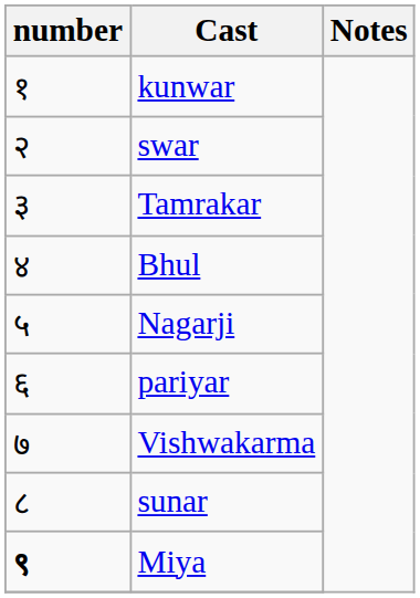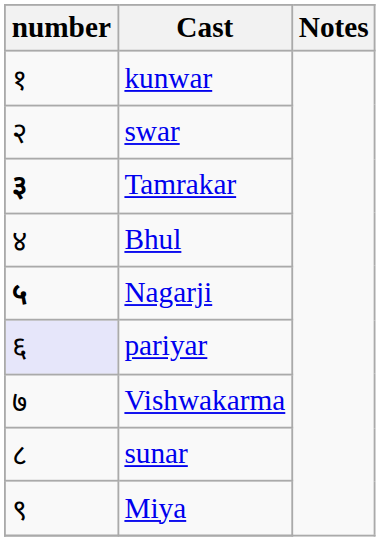 <table class="wikitable sortable">
 <tr>
 <th>number</th>
 <th>Cast</th>
 <th class="unsortable">Notes</th>
 </tr>
 <tr>
 <td>१</td>
 <td {{kunwar cast><a href='#'>kunwar</a></td>
 </tr>
 <tr>
 <td>२</td>
 <td {{ chhetri cast><a href='#'>swar</a></td>
 </tr>
 <tr>
-<td>३</td>
+<td><strong>३</strong></td>
 <td {{Tamrakar cast><a href='#'>Tamrakar</a></td>
 </tr>
 <tr>
 <td>४</td>
 <td {{Bhul cast><a href='#'>Bhul</a></td>
 </tr>
 <tr>
-<td>५</td>
+<td><strong>५</strong></td>
 <td {{pariyar cast><a href='#'>Nagarji</a></td>
 </tr>
 <tr>
-<td>६</td>
+<td style="background: lavender;">६</td>
 <td {{Pariyar cast><a href='#'>pariyar</a></td>
 </tr>
 <tr>
 <td>७</td>
 <td {{ vishwakarma cast><a href='#'>Vishwakarma</a></td>
 </tr>
 <tr>
 <td>८</td>
 <td {{Sunar cast><a href='#'>sunar</a></td>
 </tr>
 <tr>
-<td><strong>९</strong></td>
+<td>९</td>
 <td {{khan cast><a href='#'>Miya</a></td>
 </tr>
 <tr>
 </tr>
 </table>
